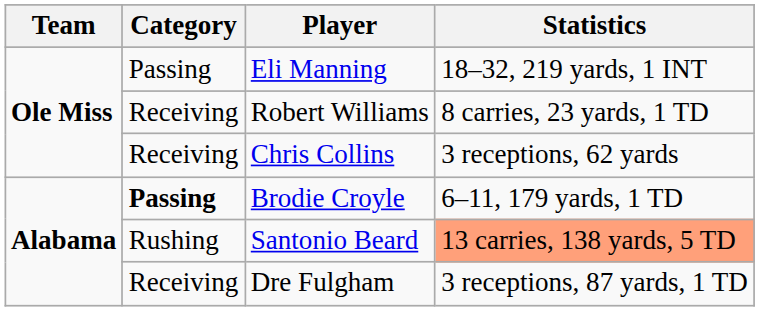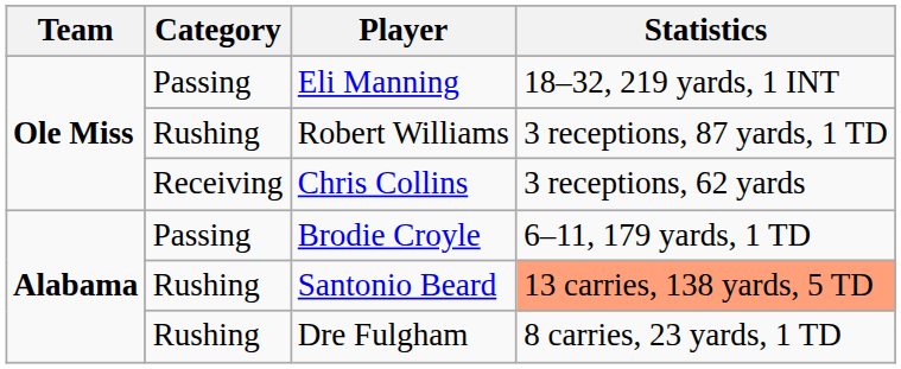 <table class="wikitable" style="float: right;">
 <tr>
 <th>Team</th>
 <th>Category</th>
 <th>Player</th>
 <th>Statistics</th>
 </tr>
 <tr>
 <td rowspan=3><strong>Ole Miss</strong></td>
 <td>Passing</td>
 <td><a href='#'>Eli Manning</a></td>
 <td>18–32, 219 yards, 1 INT</td>
 </tr>
 <tr>
-<td>Receiving</td>
+<td>Rushing</td>
 <td>Robert Williams</td>
-<td>8 carries, 23 yards, 1 TD</td>
+<td>3 receptions, 87 yards, 1 TD</td>
 </tr>
 <tr>
 <td>Receiving</td>
 <td><a href='#'>Chris Collins</a></td>
 <td>3 receptions, 62 yards</td>
 </tr>
 <tr>
 <td rowspan=3><strong>Alabama</strong></td>
-<td><strong>Passing</strong></td>
+<td>Passing</td>
 <td><a href='#'>Brodie Croyle</a></td>
 <td>6–11, 179 yards, 1 TD</td>
 </tr>
 <tr>
 <td>Rushing</td>
 <td><a href='#'>Santonio Beard</a></td>
 <td style="background: lightsalmon;">13 carries, 138 yards, 5 TD</td>
 </tr>
 <tr>
-<td>Receiving</td>
+<td>Rushing</td>
 <td>Dre Fulgham</td>
-<td>3 receptions, 87 yards, 1 TD</td>
+<td>8 carries, 23 yards, 1 TD</td>
 </tr>
 </table>
